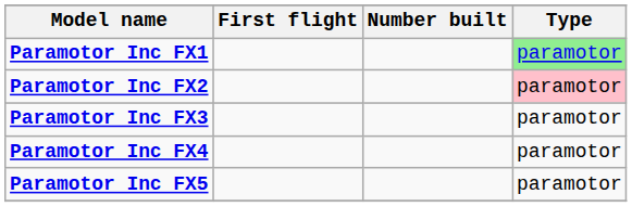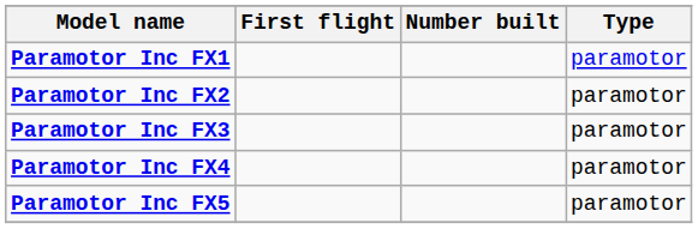 <table class="wikitable" align=center style="font-size:90%;">
 <tr>
 </tr>
 <tr style="background:#efefef;">
 <th>Model name</th>
 <th>First flight</th>
 <th>Number built</th>
 <th>Type</th>
 </tr>
 <tr>
 <td align=left><strong><a href='#'>Paramotor Inc FX1</a></strong></td>
 <td align=center></td>
 <td align=center></td>
-<td align=left style="background: lightgreen;"><a href='#'>paramotor</a></td>
+<td align=left><a href='#'>paramotor</a></td>
 </tr>
 <tr>
 <td align=left><strong><a href='#'>Paramotor Inc FX2</a></strong></td>
 <td align=center></td>
 <td align=center></td>
-<td align=left style="background: pink;">paramotor</td>
+<td align=left>paramotor</td>
 </tr>
 <tr>
 <td align=left><strong><a href='#'>Paramotor Inc FX3</a></strong></td>
 <td align=center></td>
 <td align=center></td>
 <td align=left>paramotor</td>
 </tr>
 <tr>
 <td align=left><strong><a href='#'>Paramotor Inc FX4</a></strong></td>
 <td align=center></td>
 <td align=center></td>
 <td align=left>paramotor</td>
 </tr>
 <tr>
 <td align=left><strong><a href='#'>Paramotor Inc FX5</a></strong></td>
 <td align=center></td>
 <td align=center></td>
 <td align=left>paramotor</td>
 </tr>
 <tr>
 </tr>
 </table>
